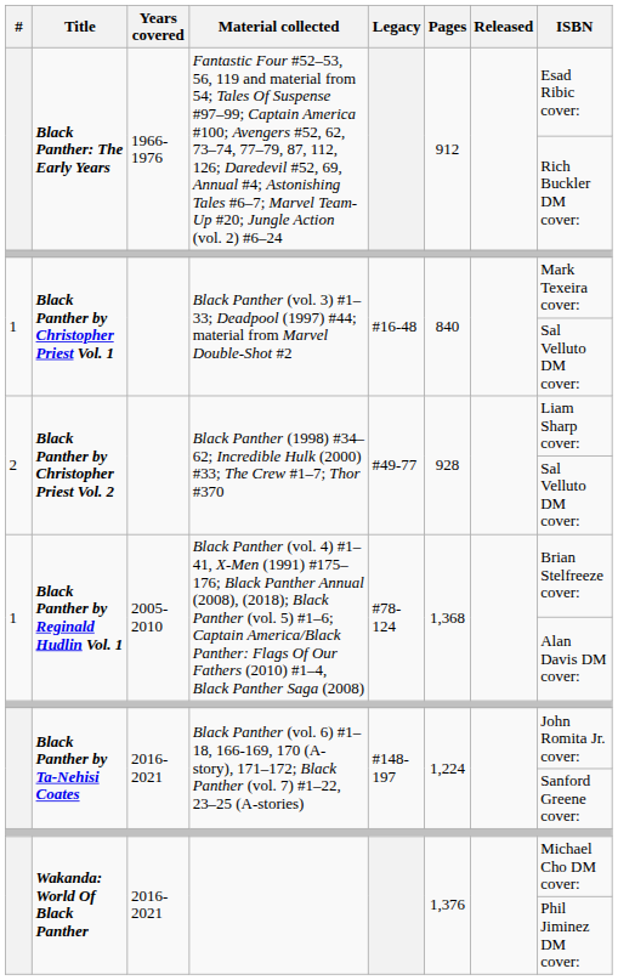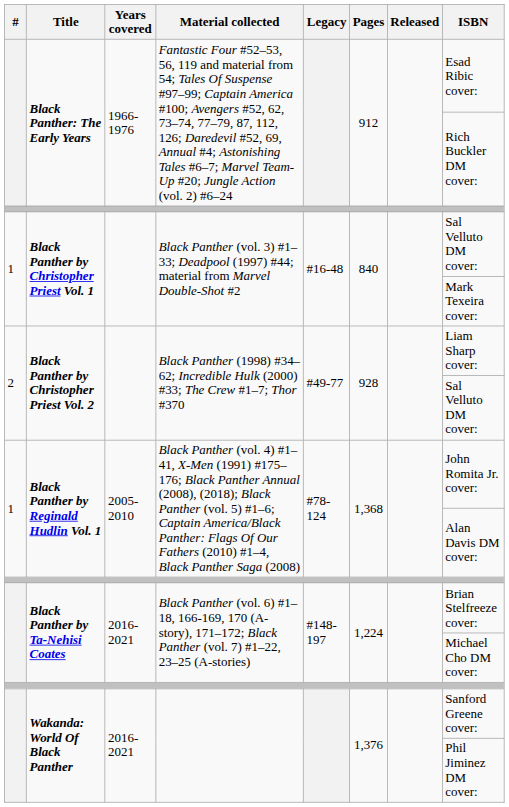 <table class="wikitable sortable" width="99%">
 <tr>
 <th class="unsortable" width="20px">#</th>
 <th>Title</th>
 <th>Years covered</th>
 <th class="unsortable">Material collected</th>
 <th>Legacy</th>
 <th>Pages</th>
 <th>Released</th>
 <th class="unsortable">ISBN</th>
 </tr>
 <tr>
 <th rowspan=2 style="background-color: light grey;"></th>
 <td rowspan=2><strong><em>Black Panther: The Early Years</em></strong></td>
 <td rowspan=2>1966-1976</td>
 <td rowspan=2><em>Fantastic Four</em> #52–53, 56, 119 and material from 54; <em>Tales Of Suspense</em> #97–99; <em>Captain America</em> #100; <em>Avengers</em> #52, 62, 73–74, 77–79, 87, 112, 126; <em>Daredevil</em> #52, 69, <em>Annual</em> #4; <em>Astonishing Tales</em> #6–7; <em>Marvel Team-Up</em> #20; <em>Jungle Action</em> (vol. 2) #6–24</td>
 <th rowspan=2></th>
 <td rowspan=2 style="text-align: center;">912</td>
 <td rowspan=2></td>
 <td>Esad Ribic cover: </td>
 </tr>
 <tr>
 <td>Rich Buckler DM cover: </td>
 </tr>
 <tr>
 <th colspan=8 style="background-color: silver;"></th>
 </tr>
 <tr>
 <td rowspan=2>1</td>
 <td rowspan=2><strong><em>Black Panther by <a href='#'>Christopher Priest</a> Vol. 1</em></strong></td>
 <td rowspan=2></td>
 <td rowspan=2><em>Black Panther</em> (vol. 3) #1–33; <em>Deadpool</em> (1997) #44; material from <em>Marvel Double-Shot</em> #2</td>
 <td rowspan=2>#16-48</td>
 <td rowspan=2 style="text-align: center;">840</td>
 <td rowspan=2></td>
-<td>Mark Texeira cover: </td>
+<td>Sal Velluto DM cover: </td>
 </tr>
 <tr>
-<td>Sal Velluto DM cover: </td>
+<td>Mark Texeira cover: </td>
 </tr>
 <tr>
 <td rowspan=2>2</td>
 <td rowspan=2><strong><em>Black Panther by Christopher Priest Vol. 2</em></strong></td>
 <td rowspan=2></td>
 <td rowspan=2><em>Black Panther</em> (1998) #34–62; <em>Incredible Hulk</em> (2000) #33; <em>The Crew</em> #1–7; <em>Thor</em> #370</td>
 <td rowspan=2>#49-77</td>
 <td rowspan=2 style="text-align: center;">928</td>
 <td rowspan=2></td>
 <td>Liam Sharp cover: </td>
 </tr>
 <tr>
 <td>Sal Velluto DM cover: </td>
 </tr>
 <tr>
 <td rowspan=2>1</td>
 <td rowspan=2><strong><em>Black Panther by <a href='#'>Reginald Hudlin</a> Vol. 1</em></strong></td>
 <td rowspan=2>2005-2010</td>
 <td rowspan=2><em>Black Panther</em> (vol. 4) #1–41, <em>X-Men</em> (1991) #175–176; <em>Black Panther Annual</em> (2008), (2018); <em>Black Panther</em> (vol. 5) #1–6; <em>Captain America/Black Panther: Flags Of Our Fathers</em> (2010) #1–4, <em>Black Panther Saga</em> (2008)</td>
 <td rowspan=2>#78-124</td>
 <td rowspan=2 style="text-align: center;">1,368</td>
 <td rowspan=2></td>
-<td>Brian Stelfreeze cover: </td>
+<td>John Romita Jr. cover: </td>
 </tr>
 <tr>
 <td>Alan Davis DM cover: </td>
 </tr>
 <tr>
 <th colspan=8 style="background-color: silver;"></th>
 </tr>
 <tr>
 <th rowspan=2 style="background-color: light grey;"></th>
 <td rowspan=2><strong><em>Black Panther by <a href='#'>Ta-Nehisi Coates</a></em></strong></td>
 <td rowspan=2>2016-2021</td>
 <td rowspan=2><em>Black Panther</em> (vol. 6) #1–18, 166-169, 170 (A-story), 171–172; <em>Black Panther</em> (vol. 7) #1–22, 23–25 (A-stories)</td>
 <td rowspan=2>#148-197</td>
 <td rowspan=2 style="text-align: center;">1,224</td>
 <td rowspan=2></td>
-<td>John Romita Jr. cover: </td>
+<td>Brian Stelfreeze cover: </td>
 </tr>
 <tr>
-<td>Sanford Greene cover: </td>
+<td>Michael Cho DM cover: </td>
 </tr>
 <tr>
 <th colspan=8 style="background-color: silver;"></th>
 </tr>
 <tr>
 <th rowspan=2 style="background-color: light grey;"></th>
 <td rowspan=2><strong><em>Wakanda: World Of Black Panther</em></strong></td>
 <td rowspan=2>2016-2021</td>
 <td rowspan=2></td>
 <th rowspan=2></th>
 <td rowspan=2 style="text-align: center;">1,376</td>
 <td rowspan=2></td>
-<td>Michael Cho DM cover: </td>
+<td>Sanford Greene cover: </td>
 </tr>
 <tr>
 <td>Phil Jiminez DM cover: </td>
 </tr>
 </table>
